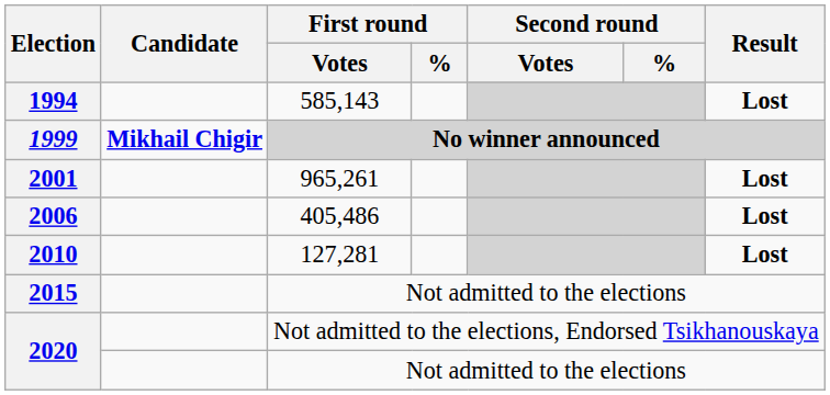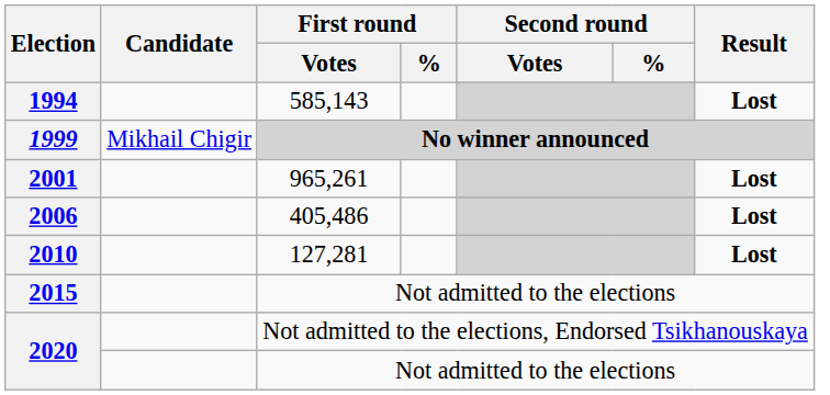 <table class=wikitable style=text-align:center>
 <tr>
 <th rowspan="2"><strong>Election</strong></th>
 <th rowspan="2">Candidate</th>
 <th colspan="2" scope="col">First round</th>
 <th colspan="2">Second round</th>
 <th rowspan="2">Result</th>
 </tr>
 <tr>
 <th><strong>Votes</strong></th>
 <th><strong>%</strong></th>
 <th><strong>Votes</strong></th>
 <th><strong>%</strong></th>
 </tr>
 <tr>
 <th><a href='#'>1994</a></th>
 <td></td>
 <td>585,143</td>
 <td></td>
 <td bgcolor=lightgrey colspan=2></td>
 <td><strong>Lost</strong> </td>
 </tr>
 <tr>
 <th><em><a href='#'>1999</a></em></th>
-<td><strong><a href='#'>Mikhail Chigir</a></strong></td>
+<td><a href='#'>Mikhail Chigir</a></td>
 <td bgcolor=lightgrey colspan=5><strong>No winner announced</strong></td>
 </tr>
 <tr>
 <th><a href='#'>2001</a></th>
 <td></td>
 <td>965,261</td>
 <td></td>
 <td bgcolor=lightgrey colspan=2></td>
 <td><strong>Lost</strong> </td>
 </tr>
 <tr>
 <th><a href='#'>2006</a></th>
 <td></td>
 <td>405,486</td>
 <td></td>
 <td bgcolor=lightgrey colspan=2></td>
 <td><strong>Lost</strong> </td>
 </tr>
 <tr>
 <th><a href='#'>2010</a></th>
 <td></td>
 <td>127,281</td>
 <td></td>
 <td bgcolor=lightgrey colspan=2></td>
 <td><strong>Lost</strong> </td>
 </tr>
 <tr>
 <th><a href='#'>2015</a></th>
 <td></td>
 <td colspan=5>Not admitted to the elections</td>
 </tr>
 <tr>
 <th rowspan=2><a href='#'>2020</a></th>
 <td></td>
 <td colspan=5>Not admitted to the elections, Endorsed <a href='#'>Tsikhanouskaya</a></td>
 </tr>
 <tr>
 <td></td>
 <td colspan=5>Not admitted to the elections</td>
 </tr>
 </table>
